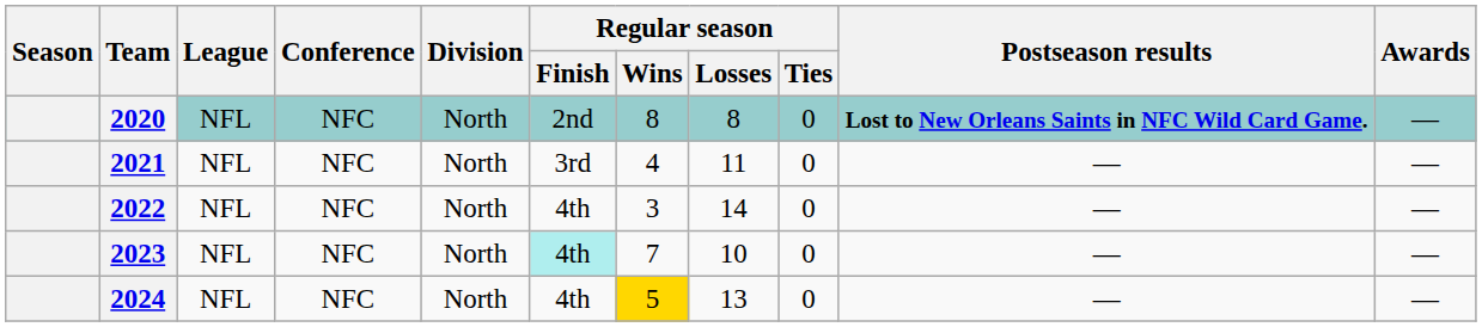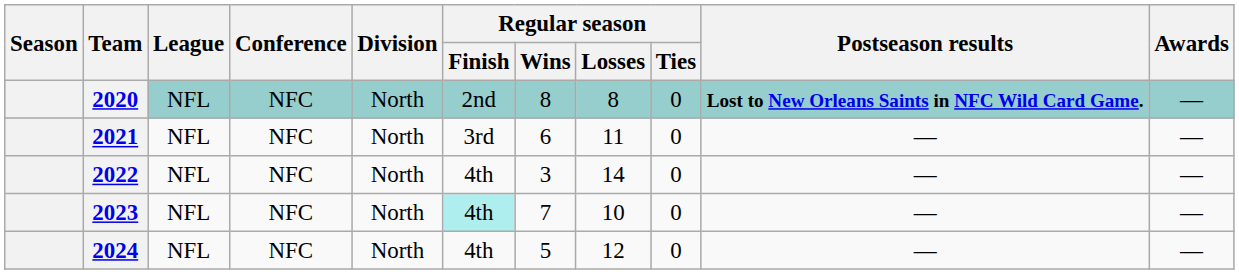 <table class="wikitable" style="font-size:95%; text-align:center;">
 <tr>
 <th rowspan="2">Season</th>
 <th rowspan="2">Team</th>
 <th rowspan="2">League</th>
 <th rowspan="2">Conference</th>
 <th rowspan="2">Division</th>
 <th colspan="4">Regular season</th>
 <th rowspan="2">Postseason results</th>
 <th rowspan="2">Awards</th>
 </tr>
 <tr>
 <th>Finish</th>
 <th>Wins</th>
 <th>Losses</th>
 <th>Ties</th>
 </tr>
 <tr style="background:#96cdcd;">
 <th></th>
 <th><a href='#'>2020</a></th>
 <td>NFL</td>
 <td>NFC</td>
 <td>North</td>
 <td>2nd</td>
 <td>8</td>
 <td>8</td>
 <td>0</td>
 <td><small><strong>Lost to <a href='#'>New Orleans Saints</a> in <a href='#'>NFC Wild Card Game</a>.</strong></small></td>
 <td>—</td>
 </tr>
 <tr>
 <th></th>
 <th><a href='#'>2021</a></th>
 <td>NFL</td>
 <td>NFC</td>
 <td>North</td>
 <td>3rd</td>
-<td>4</td>
+<td>6</td>
 <td>11</td>
 <td>0</td>
 <td>—</td>
 <td>—</td>
 </tr>
 <tr>
 <th></th>
 <th><a href='#'>2022</a></th>
 <td>NFL</td>
 <td>NFC</td>
 <td>North</td>
 <td>4th</td>
 <td>3</td>
 <td>14</td>
 <td>0</td>
 <td>—</td>
 <td>—</td>
 </tr>
 <tr>
 <th></th>
 <th><a href='#'>2023</a></th>
 <td>NFL</td>
 <td>NFC</td>
 <td>North</td>
 <td style="background: paleturquoise;">4th</td>
 <td>7</td>
 <td>10</td>
 <td>0</td>
 <td>—</td>
 <td>—</td>
 </tr>
 <tr>
 <th></th>
 <th><a href='#'>2024</a></th>
 <td>NFL</td>
 <td>NFC</td>
 <td>North</td>
 <td>4th</td>
-<td style="background: gold;">5</td>
-<td>13</td>
+<td>5</td>
+<td>12</td>
 <td>0</td>
 <td>—</td>
 <td>—</td>
 </tr>
 </table>
